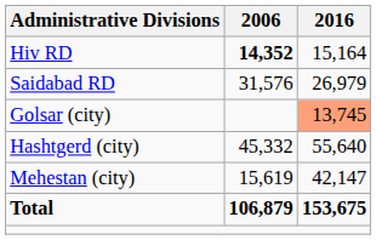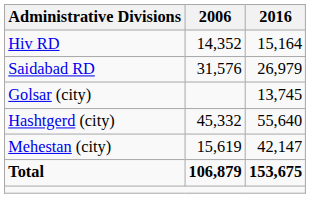 <table class="wikitable">
 <tr>
 <th>Administrative Divisions</th>
 <th>2006</th>
 <th>2016</th>
 </tr>
 <tr>
 <td><a href='#'>Hiv RD</a></td>
-<td style="text-align: right;"><strong>14,352</strong></td>
+<td style="text-align: right;">14,352</td>
 <td style="text-align: right;">15,164</td>
 </tr>
 <tr>
 <td><a href='#'>Saidabad RD</a></td>
 <td style="text-align: right;">31,576</td>
 <td style="text-align: right;">26,979</td>
 </tr>
 <tr>
 <td><a href='#'>Golsar</a> (city)</td>
 <td style="text-align: right;"></td>
-<td style="background: lightsalmon; text-align: right;">13,745</td>
+<td style="text-align: right;">13,745</td>
 </tr>
 <tr>
 <td><a href='#'>Hashtgerd</a> (city)</td>
 <td style="text-align: right;">45,332</td>
 <td style="text-align: right;">55,640</td>
 </tr>
 <tr>
 <td><a href='#'>Mehestan</a> (city)</td>
 <td style="text-align: right;">15,619</td>
 <td style="text-align: right;">42,147</td>
 </tr>
 <tr>
 <td><strong>Total</strong></td>
 <td style="text-align: right;"><strong>106,879</strong></td>
 <td style="text-align: right;"><strong>153,675</strong></td>
 </tr>
 <tr>
 <td colspan=4></td>
 </tr>
 </table>
